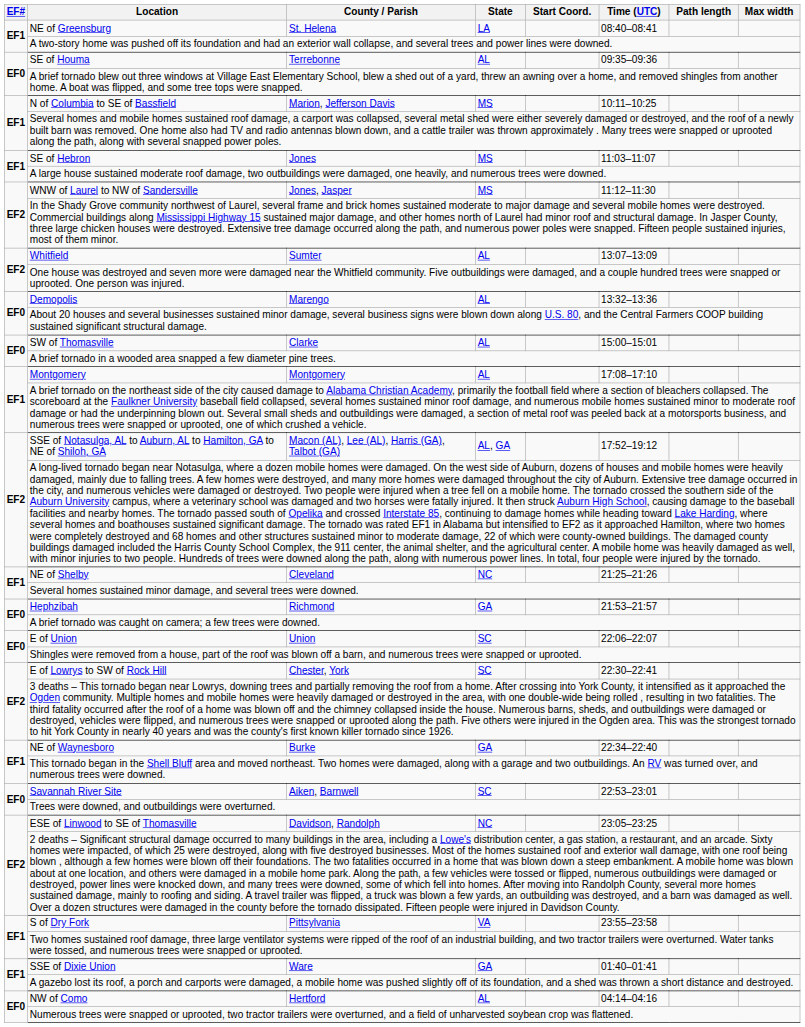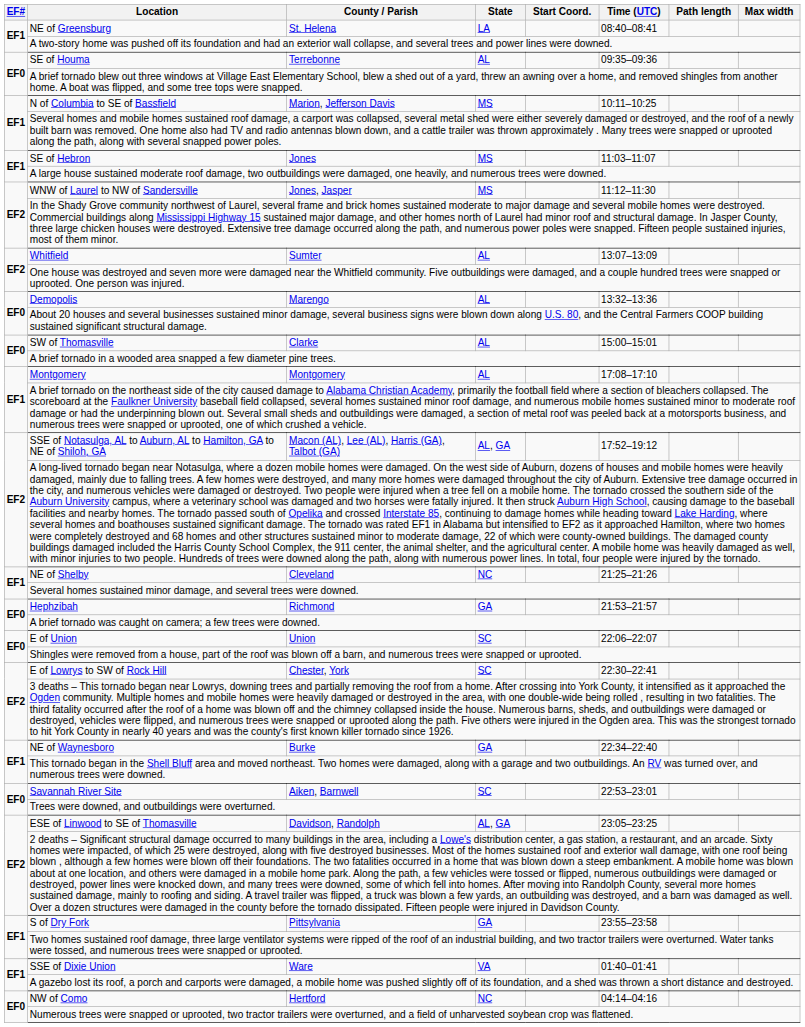 <table class="wikitable sortable" style="width:100%;">
 <tr>
 <th scope="col" width="2%" align="center"><a href='#'>EF#</a></th>
 <th scope="col" align="center" class="unsortable">Location</th>
 <th scope="col" align="center" class="unsortable">County / Parish</th>
 <th scope="col" align="center">State</th>
 <th scope="col" align="center" data-sort-type="number">Start Coord.</th>
 <th scope="col" align="center" data-sort-type="number">Time (<a href='#'>UTC</a>)</th>
 <th scope="col" align="center" data-sort-type="number">Path length</th>
 <th scope="col" align="center" data-sort-type="number">Max width</th>
 </tr>
 <tr>
 <td rowspan="2" align="center"><strong>EF1</strong></td>
 <td>NE of <a href='#'>Greensburg</a></td>
 <td><a href='#'>St. Helena</a></td>
 <td><a href='#'>LA</a></td>
 <td></td>
 <td>08:40–08:41</td>
 <td></td>
 <td></td>
 </tr>
 <tr class="expand-child">
 <td colspan="7" style=" border-bottom: 1px solid black;">A two-story home was pushed  off its foundation and had an exterior wall collapse, and several trees and power lines were downed.</td>
 </tr>
 <tr>
 <td rowspan="2" align="center"><strong>EF0</strong></td>
 <td>SE of <a href='#'>Houma</a></td>
 <td><a href='#'>Terrebonne</a></td>
 <td><a href='#'>AL</a></td>
 <td></td>
 <td>09:35–09:36</td>
 <td></td>
 <td></td>
 </tr>
 <tr class="expand-child">
 <td colspan="7" style=" border-bottom: 1px solid black;">A brief tornado blew out three windows at Village East Elementary School, blew a shed out of a yard, threw an awning over a home, and removed shingles from another home. A boat was flipped, and some tree tops were snapped.</td>
 </tr>
 <tr>
 <td rowspan="2" align="center"><strong>EF1</strong></td>
 <td>N of <a href='#'>Columbia</a> to SE of <a href='#'>Bassfield</a></td>
 <td><a href='#'>Marion</a>, <a href='#'>Jefferson Davis</a></td>
 <td><a href='#'>MS</a></td>
 <td></td>
 <td>10:11–10:25</td>
 <td></td>
 <td></td>
 </tr>
 <tr class="expand-child">
 <td colspan="7" style=" border-bottom: 1px solid black;">Several homes and mobile homes sustained roof damage, a carport was collapsed, several metal shed were either severely damaged or destroyed, and the roof of a newly built barn was removed. One home also had TV and radio antennas blown down, and a cattle trailer was thrown approximately . Many trees were snapped or uprooted along the path, along with several snapped power poles.</td>
 </tr>
 <tr>
 <td rowspan="2" align="center"><strong>EF1</strong></td>
 <td>SE of <a href='#'>Hebron</a></td>
 <td><a href='#'>Jones</a></td>
 <td><a href='#'>MS</a></td>
 <td></td>
 <td>11:03–11:07</td>
 <td></td>
 <td></td>
 </tr>
 <tr class="expand-child">
 <td colspan="7" style=" border-bottom: 1px solid black;">A large house sustained moderate roof damage, two outbuildings were damaged, one heavily, and numerous trees were downed.</td>
 </tr>
 <tr>
 <td rowspan="2" align="center"><strong>EF2</strong></td>
 <td>WNW of <a href='#'>Laurel</a> to NW of <a href='#'>Sandersville</a></td>
 <td><a href='#'>Jones</a>, <a href='#'>Jasper</a></td>
 <td><a href='#'>MS</a></td>
 <td></td>
 <td>11:12–11:30</td>
 <td></td>
 <td></td>
 </tr>
 <tr class="expand-child">
 <td colspan="7" style=" border-bottom: 1px solid black;">In the Shady Grove community northwest of Laurel, several frame and brick homes sustained moderate to major damage and several mobile homes were destroyed. Commercial buildings along <a href='#'>Mississippi Highway 15</a> sustained major damage, and other homes north of Laurel had minor roof and structural damage. In Jasper County, three large chicken houses were destroyed. Extensive tree damage occurred along the path, and numerous power poles were snapped. Fifteen people sustained injuries, most of them minor.</td>
 </tr>
 <tr>
 <td rowspan="2" align="center"><strong>EF2</strong></td>
 <td><a href='#'>Whitfield</a></td>
 <td><a href='#'>Sumter</a></td>
 <td><a href='#'>AL</a></td>
 <td></td>
 <td>13:07–13:09</td>
 <td></td>
 <td></td>
 </tr>
 <tr class="expand-child">
 <td colspan="7" style=" border-bottom: 1px solid black;">One house was destroyed and seven more were damaged near the Whitfield community. Five outbuildings were damaged, and a couple hundred trees were snapped or uprooted. One person was injured.</td>
 </tr>
 <tr>
 <td rowspan="2" align="center"><strong>EF0</strong></td>
 <td><a href='#'>Demopolis</a></td>
 <td><a href='#'>Marengo</a></td>
 <td><a href='#'>AL</a></td>
 <td></td>
 <td>13:32–13:36</td>
 <td></td>
 <td></td>
 </tr>
 <tr class="expand-child">
 <td colspan="7" style=" border-bottom: 1px solid black;">About 20 houses and several businesses sustained minor damage, several business signs were blown down along <a href='#'>U.S. 80</a>, and the Central Farmers COOP building sustained significant structural damage.</td>
 </tr>
 <tr>
 <td rowspan="2" align="center"><strong>EF0</strong></td>
 <td>SW of <a href='#'>Thomasville</a></td>
 <td><a href='#'>Clarke</a></td>
 <td><a href='#'>AL</a></td>
 <td></td>
 <td>15:00–15:01</td>
 <td></td>
 <td></td>
 </tr>
 <tr class="expand-child">
 <td colspan="7" style=" border-bottom: 1px solid black;">A brief tornado in a wooded area snapped a few  diameter pine trees.</td>
 </tr>
 <tr>
 <td rowspan="2" align="center"><strong>EF1</strong></td>
 <td><a href='#'>Montgomery</a></td>
 <td><a href='#'>Montgomery</a></td>
 <td><a href='#'>AL</a></td>
 <td></td>
 <td>17:08–17:10</td>
 <td></td>
 <td></td>
 </tr>
 <tr class="expand-child">
 <td colspan="7" style=" border-bottom: 1px solid black;">A brief tornado on the northeast side of the city caused damage to <a href='#'>Alabama Christian Academy</a>, primarily the football field where a section of bleachers collapsed. The scoreboard at the <a href='#'>Faulkner University</a> baseball field collapsed, several homes sustained minor roof damage, and numerous mobile homes sustained minor to moderate roof damage or had the underpinning blown out. Several small sheds and outbuildings were damaged, a section of metal roof was peeled back at a motorsports business, and numerous trees were snapped or uprooted, one of which crushed a vehicle.</td>
 </tr>
 <tr>
 <td rowspan="2" align="center"><strong>EF2</strong></td>
 <td>SSE of <a href='#'>Notasulga, AL</a> to <a href='#'>Auburn, AL</a> to <a href='#'>Hamilton, GA</a> to NE of <a href='#'>Shiloh, GA</a></td>
 <td><a href='#'>Macon (AL)</a>, <a href='#'>Lee (AL)</a>, <a href='#'>Harris (GA)</a>, <a href='#'>Talbot (GA)</a></td>
 <td><a href='#'>AL</a>, <a href='#'>GA</a></td>
 <td></td>
 <td>17:52–19:12</td>
 <td></td>
 <td></td>
 </tr>
 <tr class="expand-child">
 <td colspan="7" style=" border-bottom: 1px solid black;">A long-lived tornado began near Notasulga, where a dozen mobile homes were damaged. On the west side of Auburn, dozens of houses and mobile homes were heavily damaged, mainly due to falling trees. A few homes were destroyed, and many more homes were damaged throughout the city of Auburn. Extensive tree damage occurred in the city, and numerous vehicles were damaged or destroyed. Two people were injured when a tree fell on a mobile home. The tornado crossed the southern side of the <a href='#'>Auburn University</a> campus, where a veterinary school was damaged and two horses were fatally injured. It then struck <a href='#'>Auburn High School</a>, causing damage to the baseball facilities and nearby homes. The tornado passed south of <a href='#'>Opelika</a> and crossed <a href='#'>Interstate 85</a>, continuing to damage homes while heading toward <a href='#'>Lake Harding</a>, where several homes and boathouses sustained significant damage. The tornado was rated EF1 in Alabama but intensified to EF2 as it approached Hamilton, where two homes were completely destroyed and 68 homes and other structures sustained minor to moderate damage, 22 of which were county-owned buildings. The damaged county buildings damaged included the Harris County School Complex, the 911 center, the animal shelter, and the agricultural center. A mobile home was heavily damaged as well, with minor injuries to two people. Hundreds of trees were downed along the path, along with numerous power lines. In total, four people were injured by the tornado.</td>
 </tr>
 <tr>
 <td rowspan="2" align="center"><strong>EF1</strong></td>
 <td>NE of <a href='#'>Shelby</a></td>
 <td><a href='#'>Cleveland</a></td>
 <td><a href='#'>NC</a></td>
 <td></td>
 <td>21:25–21:26</td>
 <td></td>
 <td></td>
 </tr>
 <tr class="expand-child">
 <td colspan="7" style=" border-bottom: 1px solid black;">Several homes sustained minor damage, and several trees were downed.</td>
 </tr>
 <tr>
 <td rowspan="2" align="center"><strong>EF0</strong></td>
 <td><a href='#'>Hephzibah</a></td>
 <td><a href='#'>Richmond</a></td>
 <td><a href='#'>GA</a></td>
 <td></td>
 <td>21:53–21:57</td>
 <td></td>
 <td></td>
 </tr>
 <tr class="expand-child">
 <td colspan="7" style=" border-bottom: 1px solid black;">A brief tornado was caught on camera; a few trees were downed.</td>
 </tr>
 <tr>
 <td rowspan="2" align="center"><strong>EF0</strong></td>
 <td>E of <a href='#'>Union</a></td>
 <td><a href='#'>Union</a></td>
 <td><a href='#'>SC</a></td>
 <td></td>
 <td>22:06–22:07</td>
 <td></td>
 <td></td>
 </tr>
 <tr class="expand-child">
 <td colspan="7" style=" border-bottom: 1px solid black;">Shingles were removed from a house, part of the roof was blown off a barn, and numerous trees were snapped or uprooted.</td>
 </tr>
 <tr>
 <td rowspan="2" align="center"><strong>EF2</strong></td>
 <td>E of <a href='#'>Lowrys</a> to SW of <a href='#'>Rock Hill</a></td>
 <td><a href='#'>Chester</a>, <a href='#'>York</a></td>
 <td><a href='#'>SC</a></td>
 <td></td>
 <td>22:30–22:41</td>
 <td></td>
 <td></td>
 </tr>
 <tr class="expand-child">
 <td colspan="7" style=" border-bottom: 1px solid black;">3 deaths – This tornado began near Lowrys, downing trees and partially removing the roof from a home. After crossing into York County, it intensified as it approached the <a href='#'>Ogden</a> community. Multiple homes and mobile homes were heavily damaged or destroyed in the area, with one double-wide being rolled , resulting in two fatalities. The third fatality occurred after the roof of a home was blown off and the chimney collapsed inside the house. Numerous barns, sheds, and outbuildings were damaged or destroyed, vehicles were flipped, and numerous trees were snapped or uprooted along the path. Five others were injured in the Ogden area. This was the strongest tornado to hit York County in nearly 40 years and was the county's first known killer tornado since 1926.</td>
 </tr>
 <tr>
 <td rowspan="2" align="center"><strong>EF1</strong></td>
 <td>NE of <a href='#'>Waynesboro</a></td>
 <td><a href='#'>Burke</a></td>
 <td><a href='#'>GA</a></td>
 <td></td>
 <td>22:34–22:40</td>
 <td></td>
 <td></td>
 </tr>
 <tr class="expand-child">
 <td colspan="7" style=" border-bottom: 1px solid black;">This tornado began in the <a href='#'>Shell Bluff</a> area and moved northeast. Two homes were damaged, along with a garage and two outbuildings. An <a href='#'>RV</a> was turned over, and numerous trees were downed.</td>
 </tr>
 <tr>
 <td rowspan="2" align="center"><strong>EF0</strong></td>
 <td><a href='#'>Savannah River Site</a></td>
 <td><a href='#'>Aiken</a>, <a href='#'>Barnwell</a></td>
 <td><a href='#'>SC</a></td>
 <td></td>
 <td>22:53–23:01</td>
 <td></td>
 <td></td>
 </tr>
 <tr class="expand-child">
 <td colspan="7" style=" border-bottom: 1px solid black;">Trees were downed, and outbuildings were overturned.</td>
 </tr>
 <tr>
 <td rowspan="2" align="center"><strong>EF2</strong></td>
 <td>ESE of <a href='#'>Linwood</a> to SE of <a href='#'>Thomasville</a></td>
 <td><a href='#'>Davidson</a>, <a href='#'>Randolph</a></td>
-<td><a href='#'>NC</a></td>
+<td><a href='#'>AL</a>, <a href='#'>GA</a></td>
 <td></td>
 <td>23:05–23:25</td>
 <td></td>
 <td></td>
 </tr>
 <tr class="expand-child">
 <td colspan="7" style=" border-bottom: 1px solid black;">2 deaths – Significant structural damage occurred to many buildings in the area, including a <a href='#'>Lowe's</a> distribution center, a gas station, a restaurant, and an arcade. Sixty homes were impacted, of which 25 were destroyed, along with five destroyed businesses. Most of the homes sustained roof and exterior wall damage, with one roof being blown , although a few homes were blown off their foundations. The two fatalities occurred in a home that was blown down a steep embankment. A mobile home was blown about  at one location, and others were damaged in a mobile home park. Along the path, a few vehicles were tossed or flipped, numerous outbuildings were damaged or destroyed, power lines were knocked down, and many trees were downed, some of which fell into homes. After moving into Randolph County, several more homes sustained damage, mainly to roofing and siding. A travel trailer was flipped, a truck was blown a few yards, an outbuilding was destroyed, and a barn was damaged as well. Over a dozen structures were damaged in the county before the tornado dissipated. Fifteen people were injured in Davidson County.</td>
 </tr>
 <tr>
 <td rowspan="2" align="center"><strong>EF1</strong></td>
 <td>S of <a href='#'>Dry Fork</a></td>
 <td><a href='#'>Pittsylvania</a></td>
-<td><a href='#'>VA</a></td>
+<td><a href='#'>GA</a></td>
 <td></td>
 <td>23:55–23:58</td>
 <td></td>
 <td></td>
 </tr>
 <tr class="expand-child">
 <td colspan="7" style=" border-bottom: 1px solid black;">Two homes sustained roof damage, three large ventilator systems were ripped of the roof of an industrial building, and two tractor trailers were overturned. Water tanks were tossed, and numerous trees were snapped or uprooted.</td>
 </tr>
 <tr>
 <td rowspan="2" align="center"><strong>EF1</strong></td>
 <td>SSE of <a href='#'>Dixie Union</a></td>
 <td><a href='#'>Ware</a></td>
-<td><a href='#'>GA</a></td>
+<td><a href='#'>VA</a></td>
 <td></td>
 <td>01:40–01:41</td>
 <td></td>
 <td></td>
 </tr>
 <tr class="expand-child">
 <td colspan="7" style=" border-bottom: 1px solid black;">A gazebo lost its roof, a porch and carports were damaged, a mobile home was pushed slightly off of its foundation, and a shed was thrown a short distance and destroyed.</td>
 </tr>
 <tr>
 <td rowspan="2" align="center"><strong>EF0</strong></td>
 <td>NW of <a href='#'>Como</a></td>
 <td><a href='#'>Hertford</a></td>
-<td><a href='#'>AL</a></td>
+<td><a href='#'>NC</a></td>
 <td></td>
 <td>04:14–04:16</td>
 <td></td>
 <td></td>
 </tr>
 <tr class="expand-child">
 <td colspan="7" style=" border-bottom: 1px solid black;">Numerous trees were snapped or uprooted, two tractor trailers were overturned, and a field of unharvested soybean crop was flattened.</td>
 </tr>
 </table>
